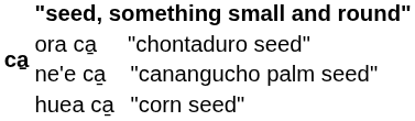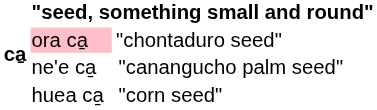 <table>
 <tr>
 <th rowspan="4">ca̱</th>
 <th colspan="4">"seed, something small and round"</th>
 </tr>
 <tr>
-<td>ora ca̱</td>
+<td style="background: pink;">ora ca̱</td>
 <td colspan="3">"chontaduro seed"</td>
 </tr>
 <tr>
 <td colspan="2">ne'e ca̱</td>
 <td colspan="2">"canangucho palm seed"</td>
 </tr>
 <tr>
 <td colspan="2">huea ca̱</td>
 <td colspan="2">"corn seed"</td>
 </tr>
 </table>
